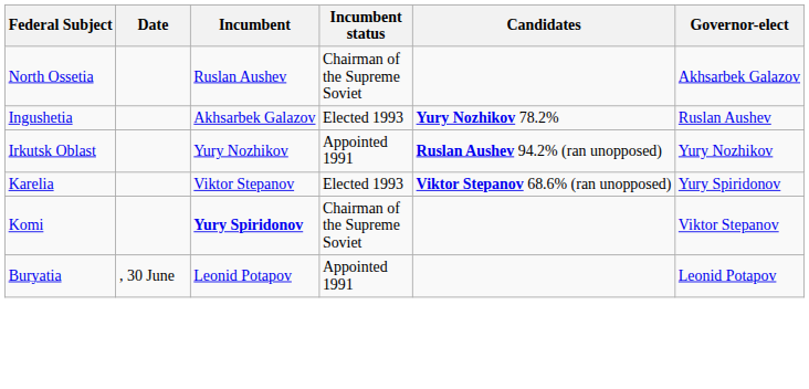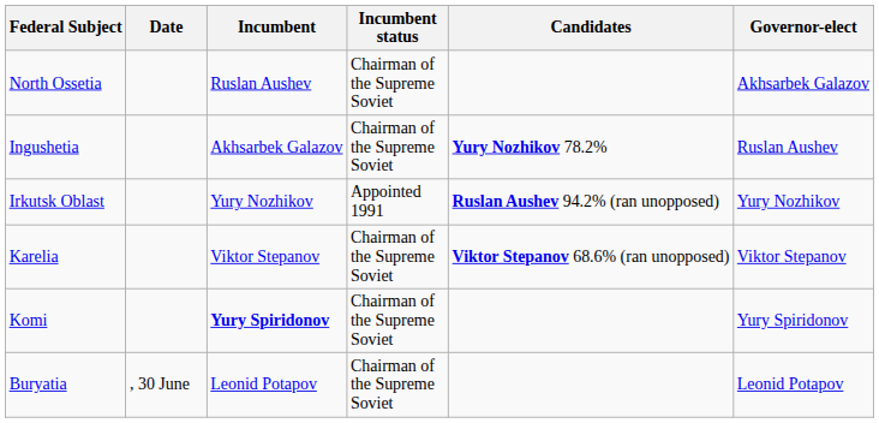 <table class="wikitable sortable">
 <tr>
 <th>Federal Subject</th>
 <th style="width: 70px">Date</th>
 <th>Incumbent</th>
 <th style="width: 90px">Incumbent status</th>
 <th>Candidates</th>
 <th>Governor-elect</th>
 </tr>
 <tr>
 <td><a href='#'>North Ossetia</a></td>
 <td></td>
 <td><a href='#'>Ruslan Aushev</a></td>
 <td>Chairman of the Supreme Soviet</td>
 <td></td>
 <td><a href='#'>Akhsarbek Galazov</a></td>
 </tr>
 <tr>
 <td><a href='#'>Ingushetia</a></td>
 <td></td>
 <td><a href='#'>Akhsarbek Galazov</a></td>
-<td>Elected 1993</td>
+<td>Chairman of the Supreme Soviet</td>
 <td> <strong><a href='#'>Yury Nozhikov</a></strong> 78.2%</td>
 <td><a href='#'>Ruslan Aushev</a></td>
 </tr>
 <tr>
 <td><a href='#'>Irkutsk Oblast</a></td>
 <td></td>
 <td><a href='#'>Yury Nozhikov</a></td>
 <td>Appointed 1991</td>
 <td> <strong><a href='#'>Ruslan Aushev</a></strong> 94.2% (ran unopposed)</td>
 <td><a href='#'>Yury Nozhikov</a></td>
 </tr>
 <tr>
 <td><a href='#'>Karelia</a></td>
 <td></td>
 <td><a href='#'>Viktor Stepanov</a></td>
-<td>Elected 1993</td>
+<td>Chairman of the Supreme Soviet</td>
 <td> <strong><a href='#'>Viktor Stepanov</a></strong> 68.6% (ran unopposed)</td>
-<td><a href='#'>Yury Spiridonov</a></td>
+<td><a href='#'>Viktor Stepanov</a></td>
 </tr>
 <tr>
 <td><a href='#'>Komi</a></td>
 <td></td>
 <td><strong><a href='#'>Yury Spiridonov</a></strong></td>
 <td>Chairman of the Supreme Soviet</td>
 <td></td>
-<td><a href='#'>Viktor Stepanov</a></td>
+<td><a href='#'>Yury Spiridonov</a></td>
 </tr>
 <tr>
 <td><a href='#'>Buryatia</a></td>
 <td>, 30 June</td>
 <td><a href='#'>Leonid Potapov</a></td>
-<td>Appointed 1991</td>
+<td>Chairman of the Supreme Soviet</td>
 <td></td>
 <td><a href='#'>Leonid Potapov</a></td>
 </tr>
 </table>
